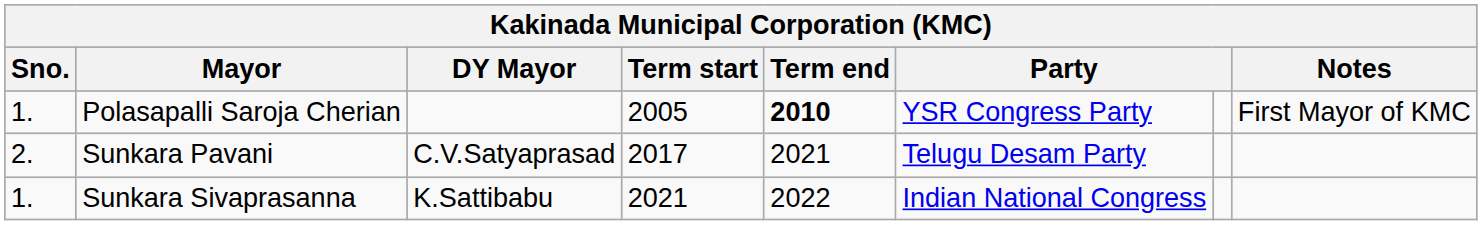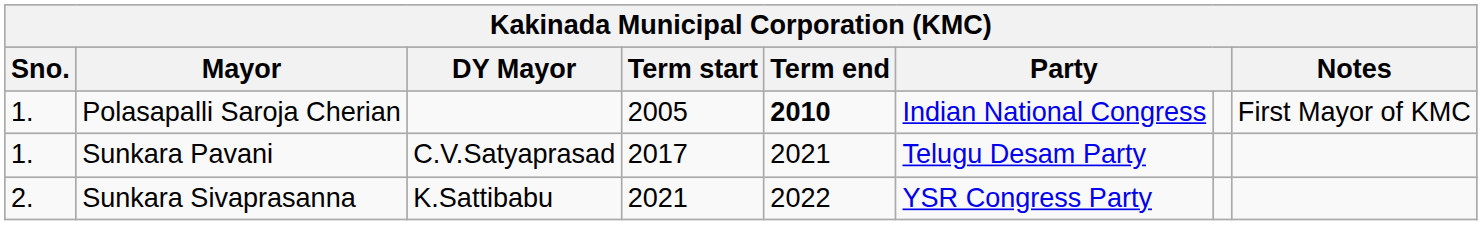 <table class="wikitable sortable">
 <tr>
 <th colspan="8">Kakinada Municipal Corporation (KMC)</th>
 </tr>
 <tr>
 <th>Sno.</th>
 <th>Mayor</th>
 <th>DY Mayor</th>
 <th>Term start</th>
 <th>Term end</th>
 <th colspan=2>Party</th>
 <th>Notes</th>
 </tr>
 <tr>
 <td>1.</td>
 <td>Polasapalli Saroja Cherian</td>
 <td></td>
 <td>2005</td>
 <td><strong>2010</strong></td>
-<td rowspan="1"><a href='#'>YSR Congress Party</a></td>
+<td rowspan="1"><a href='#'>Indian National Congress</a></td>
 <td rowspan="1" width="4px" style="background-color: "></td>
 <td>First Mayor of KMC </td>
 </tr>
 <tr>
-<td>2.</td>
+<td>1.</td>
 <td>Sunkara Pavani</td>
 <td>C.V.Satyaprasad</td>
 <td>2017</td>
 <td>2021</td>
 <td rowspan="1"><a href='#'>Telugu Desam Party</a></td>
 <td rowspan="1" width="4px" style="background-color: "></td>
 </tr>
 <tr>
-<td>1.</td>
+<td>2.</td>
 <td>Sunkara Sivaprasanna</td>
 <td>K.Sattibabu</td>
 <td>2021</td>
 <td>2022</td>
-<td rowspan="1"><a href='#'>Indian National Congress</a></td>
+<td rowspan="1"><a href='#'>YSR Congress Party</a></td>
 <td rowspan="1" width="4px" style="background-color: "></td>
 <td></td>
 </tr>
 </table>
